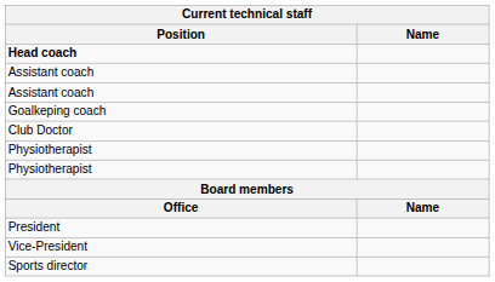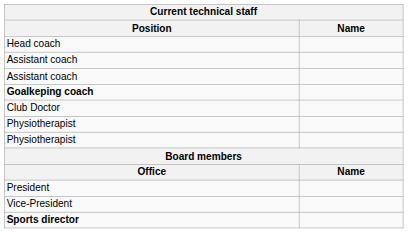 <table class="wikitable" width=40% style="text-align:left;font-size:100%;">
 <tr>
 <th colspan="4">Current technical staff</th>
 </tr>
 <tr>
 <th>Position</th>
 <th>Name</th>
 </tr>
 <tr>
-<td><strong>Head coach</strong></td>
+<td>Head coach</td>
 <td> </td>
 </tr>
 <tr>
 <td>Assistant coach</td>
 <td> </td>
 </tr>
 <tr>
 <td>Assistant coach</td>
 <td> </td>
 </tr>
 <tr>
-<td>Goalkeping coach</td>
+<td><strong>Goalkeping coach</strong></td>
 <td> </td>
 </tr>
 <tr>
 <td>Club Doctor</td>
 <td> </td>
 </tr>
 <tr>
 <td>Physiotherapist</td>
 <td> </td>
 </tr>
 <tr>
 <td>Physiotherapist</td>
 <td> </td>
 </tr>
 <tr>
 <th colspan="2">Board members</th>
 </tr>
 <tr>
 <th>Office</th>
 <th>Name</th>
 </tr>
 <tr>
 <td>President</td>
 <td> </td>
 </tr>
 <tr>
 <td>Vice-President</td>
 <td> </td>
 </tr>
 <tr>
-<td>Sports director</td>
+<td><strong>Sports director</strong></td>
 <td> </td>
 </tr>
 </table>
